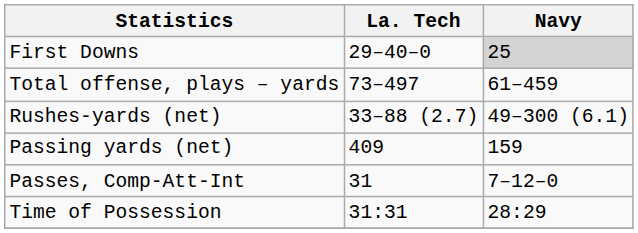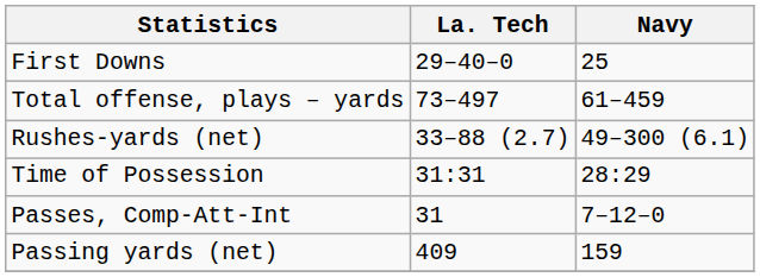 <table class="wikitable">
 <tr>
 <th>Statistics</th>
 <th>La. Tech</th>
 <th>Navy</th>
 </tr>
 <tr>
 <td>First Downs</td>
 <td>29–40–0</td>
-<td style="background: lightgrey;">25</td>
+<td>25</td>
 </tr>
 <tr>
 <td>Total offense, plays – yards</td>
 <td>73–497</td>
 <td>61–459</td>
 </tr>
 <tr>
 <td>Rushes-yards (net)</td>
 <td>33–88 (2.7)</td>
 <td>49–300 (6.1)</td>
 </tr>
 <tr>
-<td>Passing yards (net)</td>
-<td>409</td>
-<td>159</td>
+<td>Time of Possession</td>
+<td>31:31</td>
+<td>28:29</td>
 </tr>
 <tr>
 <td>Passes, Comp-Att-Int</td>
 <td>31</td>
 <td>7–12–0</td>
 </tr>
 <tr>
-<td>Time of Possession</td>
-<td>31:31</td>
-<td>28:29</td>
+<td>Passing yards (net)</td>
+<td>409</td>
+<td>159</td>
 </tr>
 <tr>
 </tr>
 </table>
